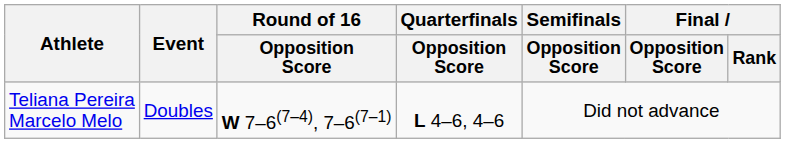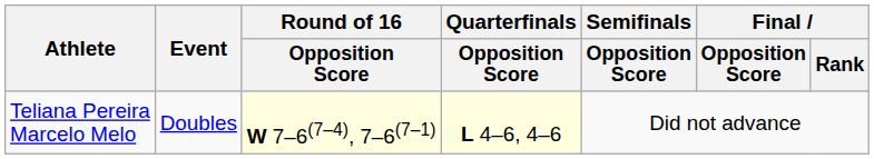 <table class=wikitable style="font-size:90%">
 <tr>
 <th rowspan=2>Athlete</th>
 <th rowspan=2>Event</th>
 <th>Round of 16</th>
 <th>Quarterfinals</th>
 <th>Semifinals</th>
 <th colspan=2>Final / </th>
 </tr>
 <tr style="font-size:95%">
 <th>Opposition<br>Score</th>
 <th>Opposition<br>Score</th>
 <th>Opposition<br>Score</th>
 <th>Opposition<br>Score</th>
 <th>Rank</th>
 </tr>
 <tr align=center>
 <td align=left><a href='#'>Teliana Pereira</a><br><a href='#'>Marcelo Melo</a></td>
 <td align=left rowspan=2><a href='#'>Doubles</a></td>
-<td><br><strong>W</strong> 7–6<sup>(7–4)</sup>, 7–6<sup>(7–1)</sup></td>
-<td><br><strong>L</strong> 4–6, 4–6</td>
+<td style="background: lightyellow;"><br><strong>W</strong> 7–6<sup>(7–4)</sup>, 7–6<sup>(7–1)</sup></td>
+<td style="background: lightyellow;"><br><strong>L</strong> 4–6, 4–6</td>
 <td colspan=3>Did not advance</td>
 </tr>
 </table>
